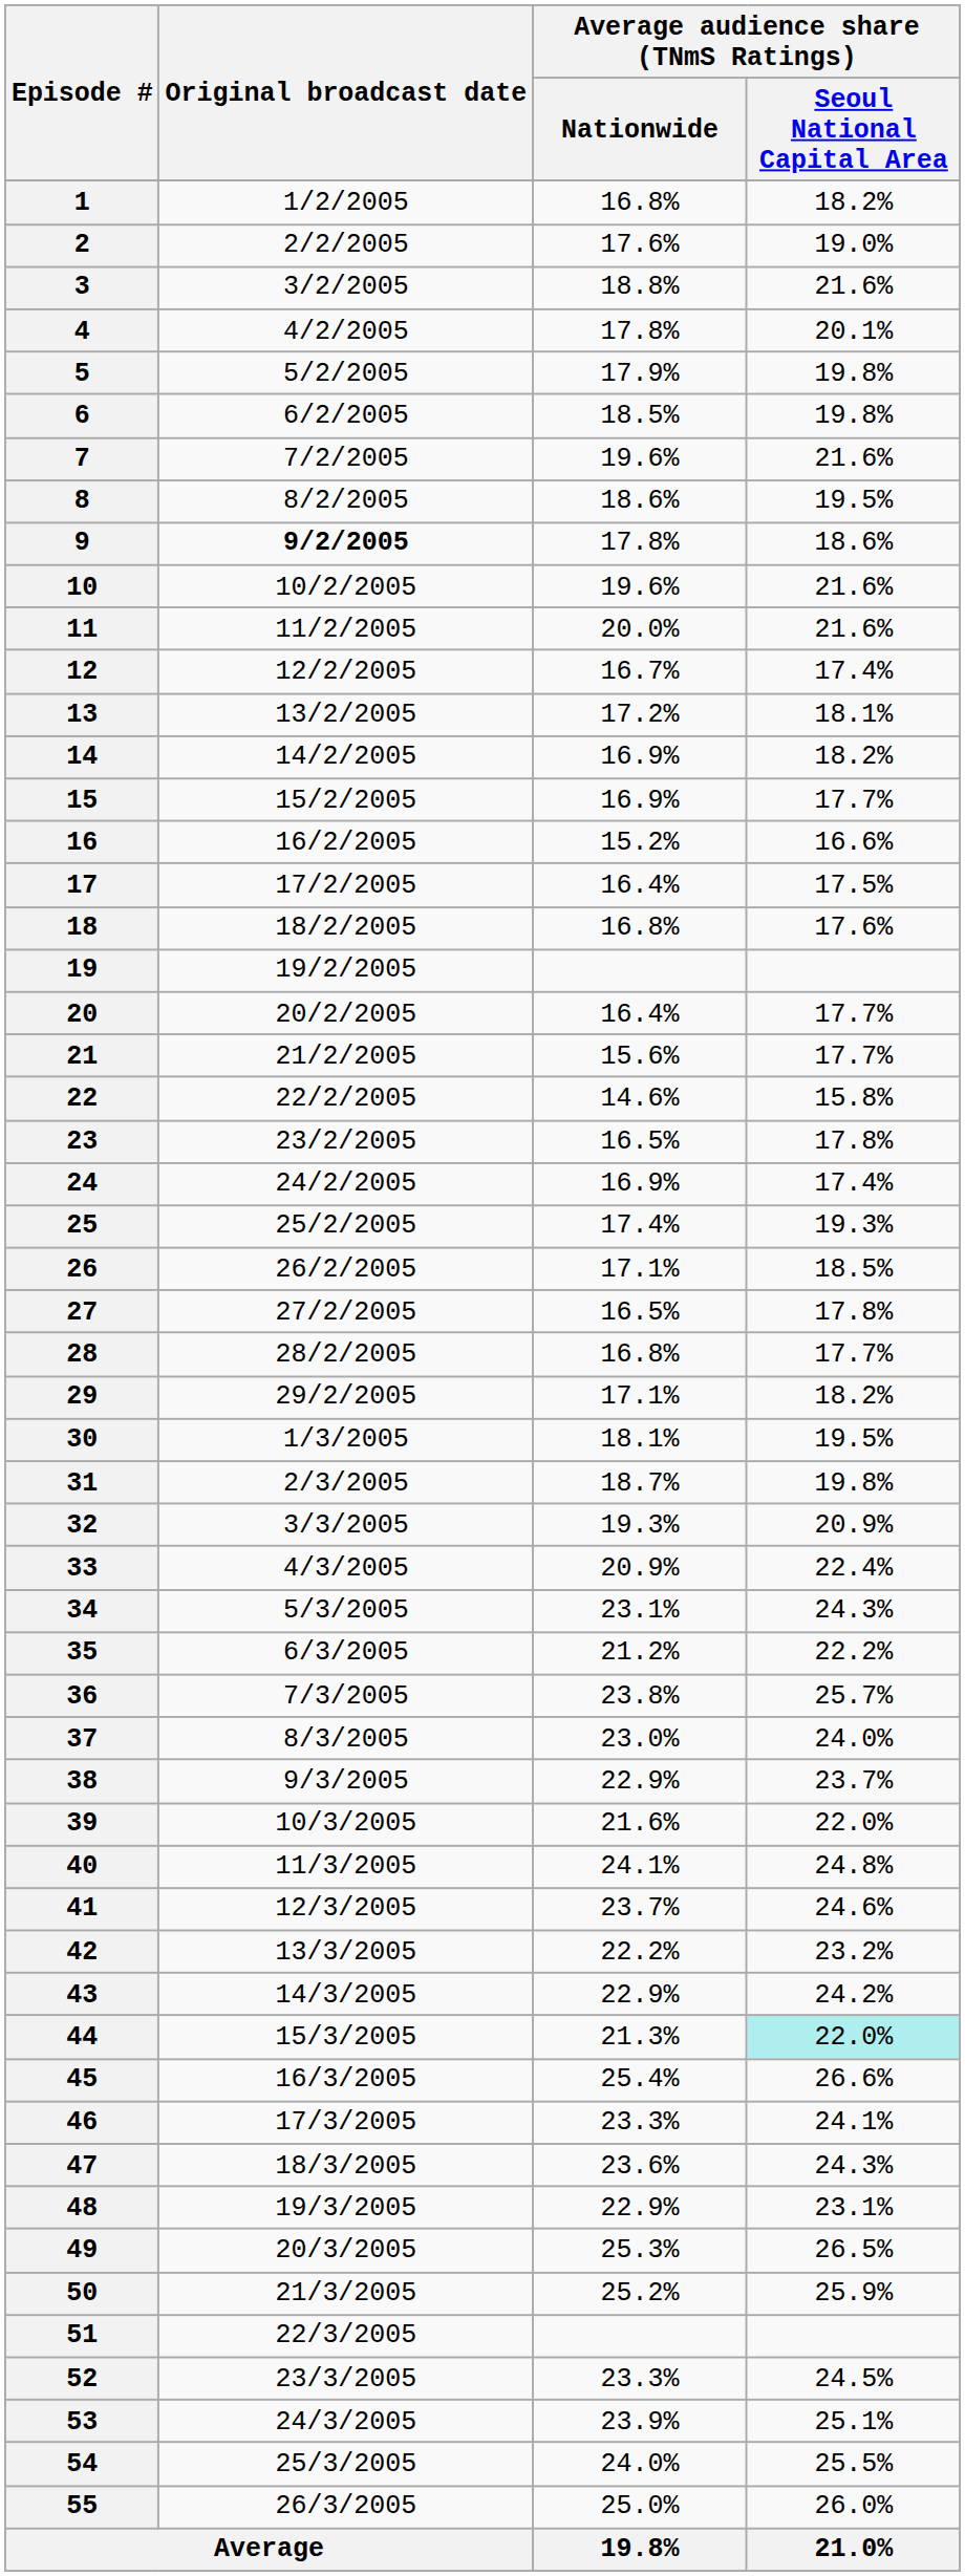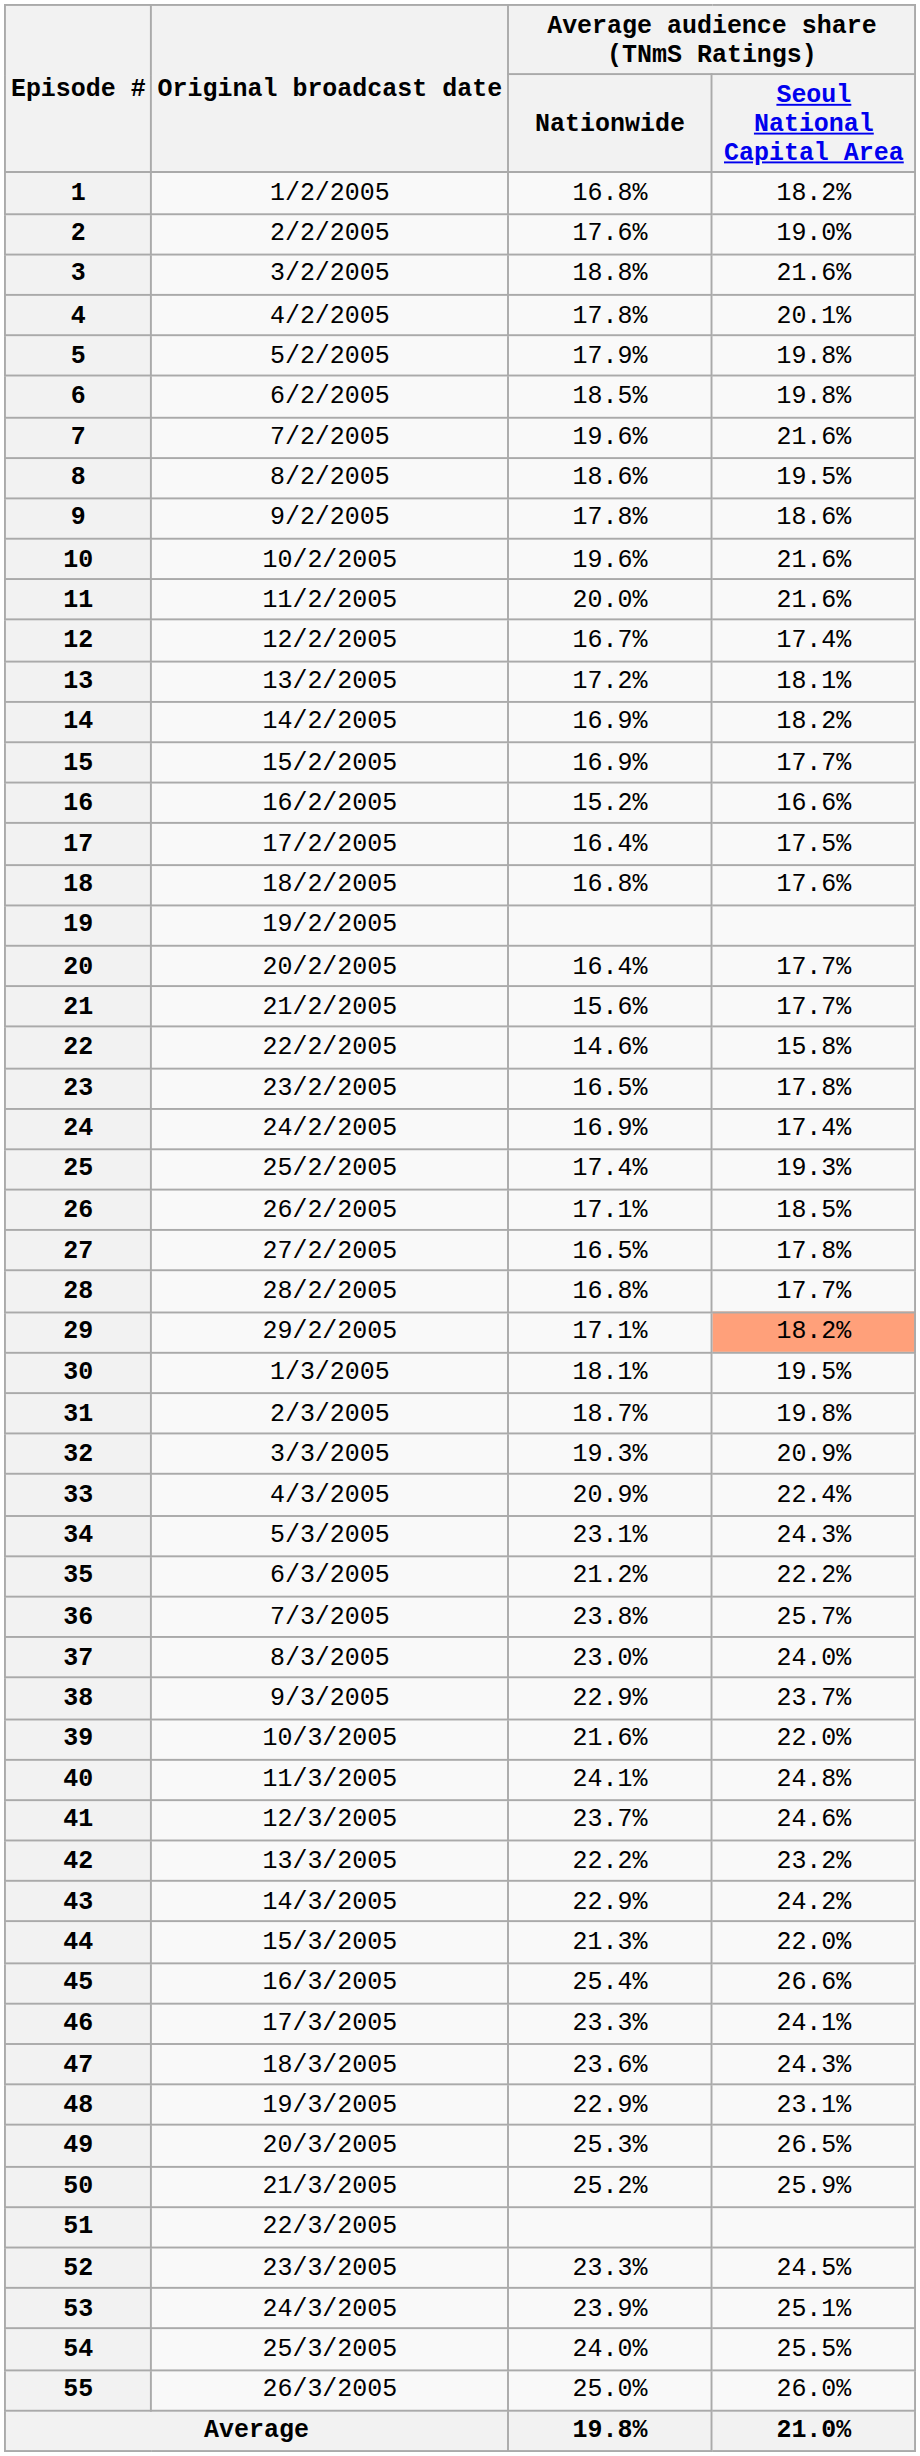 <table class=wikitable style="text-align:center">
 <tr>
 <th rowspan="2">Episode #</th>
 <th rowspan="2">Original broadcast date</th>
 <th colspan="2">Average audience share (TNmS Ratings)</th>
 </tr>
 <tr>
 <th width=100>Nationwide</th>
 <th width=100><a href='#'>Seoul National Capital Area</a></th>
 </tr>
 <tr>
 </tr>
 <tr>
 <th>1</th>
 <td>1/2/2005</td>
 <td>16.8%</td>
 <td>18.2%</td>
 </tr>
 <tr>
 <th>2</th>
 <td>2/2/2005</td>
 <td>17.6%</td>
 <td>19.0%</td>
 </tr>
 <tr>
 <th>3</th>
 <td>3/2/2005</td>
 <td>18.8%</td>
 <td>21.6%</td>
 </tr>
 <tr>
 <th>4</th>
 <td>4/2/2005</td>
 <td>17.8%</td>
 <td>20.1%</td>
 </tr>
 <tr>
 <th>5</th>
 <td>5/2/2005</td>
 <td>17.9%</td>
 <td>19.8%</td>
 </tr>
 <tr>
 <th>6</th>
 <td>6/2/2005</td>
 <td>18.5%</td>
 <td>19.8%</td>
 </tr>
 <tr>
 <th>7</th>
 <td>7/2/2005</td>
 <td>19.6%</td>
 <td>21.6%</td>
 </tr>
 <tr>
 <th>8</th>
 <td>8/2/2005</td>
 <td>18.6%</td>
 <td>19.5%</td>
 </tr>
 <tr>
 <th>9</th>
-<td><strong>9/2/2005</strong></td>
+<td>9/2/2005</td>
 <td>17.8%</td>
 <td>18.6%</td>
 </tr>
 <tr>
 <th>10</th>
 <td>10/2/2005</td>
 <td>19.6%</td>
 <td>21.6%</td>
 </tr>
 <tr>
 <th>11</th>
 <td>11/2/2005</td>
 <td>20.0%</td>
 <td>21.6%</td>
 </tr>
 <tr>
 <th>12</th>
 <td>12/2/2005</td>
 <td>16.7%</td>
 <td>17.4%</td>
 </tr>
 <tr>
 <th>13</th>
 <td>13/2/2005</td>
 <td>17.2%</td>
 <td>18.1%</td>
 </tr>
 <tr>
 <th>14</th>
 <td>14/2/2005</td>
 <td>16.9%</td>
 <td>18.2%</td>
 </tr>
 <tr>
 <th>15</th>
 <td>15/2/2005</td>
 <td>16.9%</td>
 <td>17.7%</td>
 </tr>
 <tr>
 <th>16</th>
 <td>16/2/2005</td>
 <td>15.2%</td>
 <td>16.6%</td>
 </tr>
 <tr>
 <th>17</th>
 <td>17/2/2005</td>
 <td>16.4%</td>
 <td>17.5%</td>
 </tr>
 <tr>
 <th>18</th>
 <td>18/2/2005</td>
 <td>16.8%</td>
 <td>17.6%</td>
 </tr>
 <tr>
 <th>19</th>
 <td>19/2/2005</td>
 <td></td>
 <td></td>
 </tr>
 <tr>
 <th>20</th>
 <td>20/2/2005</td>
 <td>16.4%</td>
 <td>17.7%</td>
 </tr>
 <tr>
 <th>21</th>
 <td>21/2/2005</td>
 <td>15.6%</td>
 <td>17.7%</td>
 </tr>
 <tr>
 <th>22</th>
 <td>22/2/2005</td>
 <td>14.6%</td>
 <td>15.8%</td>
 </tr>
 <tr>
 <th>23</th>
 <td>23/2/2005</td>
 <td>16.5%</td>
 <td>17.8%</td>
 </tr>
 <tr>
 <th>24</th>
 <td>24/2/2005</td>
 <td>16.9%</td>
 <td>17.4%</td>
 </tr>
 <tr>
 <th>25</th>
 <td>25/2/2005</td>
 <td>17.4%</td>
 <td>19.3%</td>
 </tr>
 <tr>
 <th>26</th>
 <td>26/2/2005</td>
 <td>17.1%</td>
 <td>18.5%</td>
 </tr>
 <tr>
 <th>27</th>
 <td>27/2/2005</td>
 <td>16.5%</td>
 <td>17.8%</td>
 </tr>
 <tr>
 <th>28</th>
 <td>28/2/2005</td>
 <td>16.8%</td>
 <td>17.7%</td>
 </tr>
 <tr>
 <th>29</th>
 <td>29/2/2005</td>
 <td>17.1%</td>
-<td>18.2%</td>
+<td style="background: lightsalmon;">18.2%</td>
 </tr>
 <tr>
 <th>30</th>
 <td>1/3/2005</td>
 <td>18.1%</td>
 <td>19.5%</td>
 </tr>
 <tr>
 <th>31</th>
 <td>2/3/2005</td>
 <td>18.7%</td>
 <td>19.8%</td>
 </tr>
 <tr>
 <th>32</th>
 <td>3/3/2005</td>
 <td>19.3%</td>
 <td>20.9%</td>
 </tr>
 <tr>
 <th>33</th>
 <td>4/3/2005</td>
 <td>20.9%</td>
 <td>22.4%</td>
 </tr>
 <tr>
 <th>34</th>
 <td>5/3/2005</td>
 <td>23.1%</td>
 <td>24.3%</td>
 </tr>
 <tr>
 <th>35</th>
 <td>6/3/2005</td>
 <td>21.2%</td>
 <td>22.2%</td>
 </tr>
 <tr>
 <th>36</th>
 <td>7/3/2005</td>
 <td>23.8%</td>
 <td>25.7%</td>
 </tr>
 <tr>
 <th>37</th>
 <td>8/3/2005</td>
 <td>23.0%</td>
 <td>24.0%</td>
 </tr>
 <tr>
 <th>38</th>
 <td>9/3/2005</td>
 <td>22.9%</td>
 <td>23.7%</td>
 </tr>
 <tr>
 <th>39</th>
 <td>10/3/2005</td>
 <td>21.6%</td>
 <td>22.0%</td>
 </tr>
 <tr>
 <th>40</th>
 <td>11/3/2005</td>
 <td>24.1%</td>
 <td>24.8%</td>
 </tr>
 <tr>
 <th>41</th>
 <td>12/3/2005</td>
 <td>23.7%</td>
 <td>24.6%</td>
 </tr>
 <tr>
 <th>42</th>
 <td>13/3/2005</td>
 <td>22.2%</td>
 <td>23.2%</td>
 </tr>
 <tr>
 <th>43</th>
 <td>14/3/2005</td>
 <td>22.9%</td>
 <td>24.2%</td>
 </tr>
 <tr>
 <th>44</th>
 <td>15/3/2005</td>
 <td>21.3%</td>
-<td style="background: paleturquoise;">22.0%</td>
+<td>22.0%</td>
 </tr>
 <tr>
 <th>45</th>
 <td>16/3/2005</td>
 <td>25.4%</td>
 <td>26.6%</td>
 </tr>
 <tr>
 <th>46</th>
 <td>17/3/2005</td>
 <td>23.3%</td>
 <td>24.1%</td>
 </tr>
 <tr>
 <th>47</th>
 <td>18/3/2005</td>
 <td>23.6%</td>
 <td>24.3%</td>
 </tr>
 <tr>
 <th>48</th>
 <td>19/3/2005</td>
 <td>22.9%</td>
 <td>23.1%</td>
 </tr>
 <tr>
 <th>49</th>
 <td>20/3/2005</td>
 <td>25.3%</td>
 <td>26.5%</td>
 </tr>
 <tr>
 <th>50</th>
 <td>21/3/2005</td>
 <td>25.2%</td>
 <td>25.9%</td>
 </tr>
 <tr>
 <th>51</th>
 <td>22/3/2005</td>
 <td></td>
 <td></td>
 </tr>
 <tr>
 <th>52</th>
 <td>23/3/2005</td>
 <td>23.3%</td>
 <td>24.5%</td>
 </tr>
 <tr>
 <th>53</th>
 <td>24/3/2005</td>
 <td>23.9%</td>
 <td>25.1%</td>
 </tr>
 <tr>
 <th>54</th>
 <td>25/3/2005</td>
 <td>24.0%</td>
 <td>25.5%</td>
 </tr>
 <tr>
 <th>55</th>
 <td>26/3/2005</td>
 <td>25.0%</td>
 <td>26.0%</td>
 </tr>
 <tr>
 <th colspan=2>Average</th>
 <th>19.8%</th>
 <th>21.0%</th>
 </tr>
 </table>
